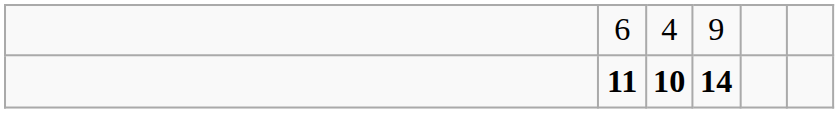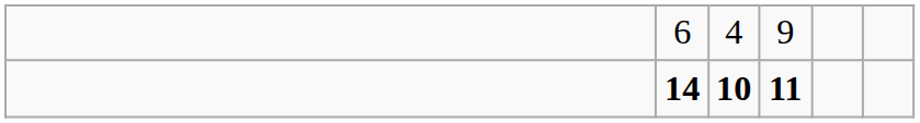 <table class="wikitable">
 <tr>
 <td style="width:18em"></td>
 <td align=center style="width:1em">6</td>
 <td align=center style="width:1em">4</td>
 <td align=center style="width:1em">9</td>
 <td align=center style="width:1em"></td>
 <td align=center style="width:1em"></td>
 </tr>
 <tr>
 <td style="width:18em"><strong></strong></td>
+<td align=center style="width:1em"><strong>14</strong></td>
+<td align=center style="width:1em"><strong>10</strong></td>
 <td align=center style="width:1em"><strong>11</strong></td>
-<td align=center style="width:1em"><strong>10</strong></td>
-<td align=center style="width:1em"><strong>14</strong></td>
 <td align=center style="width:1em"></td>
 <td align=center style="width:1em"></td>
 </tr>
 </table>
